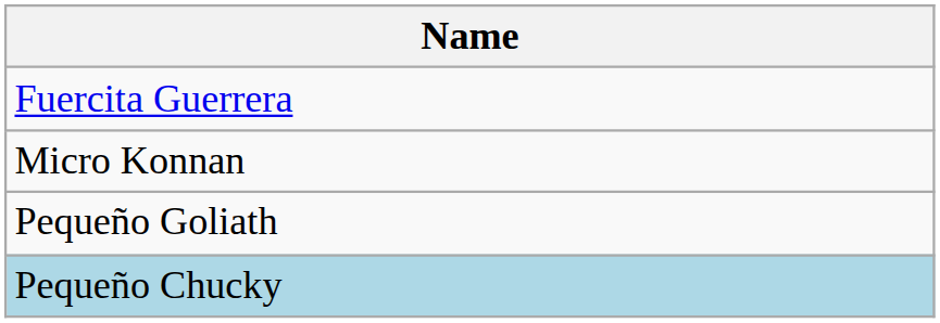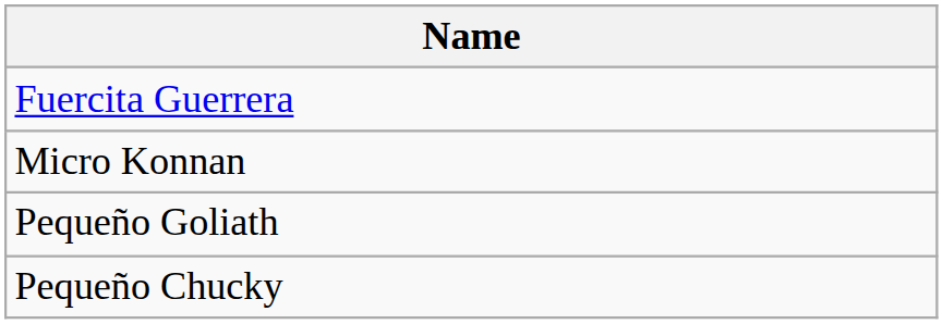 <table class="wikitable sortable" width=30%>
 <tr>
 <th><strong>Name</strong></th>
 </tr>
 <tr>
 <td><a href='#'>Fuercita Guerrera</a></td>
 </tr>
 <tr>
 <td>Micro Konnan</td>
 </tr>
 <tr>
 <td>Pequeño Goliath</td>
 </tr>
 <tr>
-<td style="background: lightblue;">Pequeño Chucky</td>
+<td>Pequeño Chucky</td>
 </tr>
 </table>
